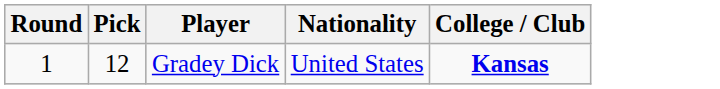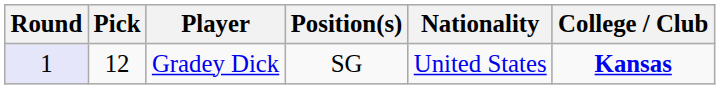 <table class="wikitable sortable sortable">
 <tr>
 <th>Round</th>
 <th>Pick</th>
 <th>Player</th>
+<th>Position(s)</th>
 <th>Nationality</th>
 <th>College / Club</th>
 </tr>
 <tr style="text-align: center">
-<td>1</td>
+<td style="background: lavender;">1</td>
 <td>12</td>
 <td><a href='#'>Gradey Dick</a></td>
+<td>SG</td>
 <td> <a href='#'>United States</a></td>
 <td><strong><a href='#'>Kansas</a></strong></td>
 </tr>
 </table>
